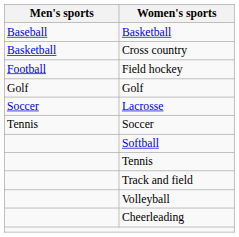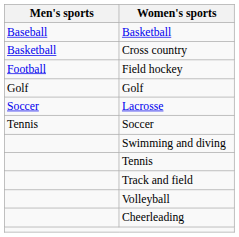 <table class="wikitable" style= "">
 <tr>
 <th width=150px>Men's sports</th>
 <th width=150px>Women's sports</th>
 </tr>
 <tr>
 <td><a href='#'>Baseball</a></td>
 <td><a href='#'>Basketball</a></td>
 </tr>
 <tr>
 <td><a href='#'>Basketball</a></td>
 <td>Cross country</td>
 </tr>
 <tr>
 <td><a href='#'>Football</a></td>
 <td>Field hockey</td>
 </tr>
 <tr>
 <td>Golf</td>
 <td>Golf</td>
 </tr>
 <tr>
 <td><a href='#'>Soccer</a></td>
 <td><a href='#'>Lacrosse</a></td>
 </tr>
 <tr>
 <td>Tennis</td>
 <td>Soccer</td>
 </tr>
 <tr>
 <td></td>
-<td><a href='#'>Softball</a></td>
+<td>Swimming and diving</td>
 </tr>
 <tr>
 <td></td>
 <td>Tennis</td>
 </tr>
 <tr>
 <td></td>
 <td>Track and field</td>
 </tr>
 <tr>
 <td></td>
 <td>Volleyball</td>
 </tr>
 <tr>
 <td></td>
 <td>Cheerleading</td>
 </tr>
 <tr>
 <td colspan="2"></td>
 </tr>
 </table>
